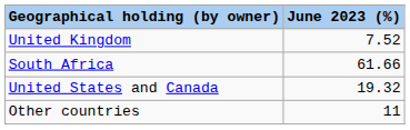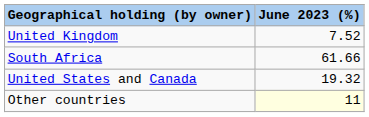 <table class="wikitable">
 <tr>
 <th style="background:#ABCDEF">Geographical holding (by owner)</th>
 <th style="background:#ABCDEF">June 2023 (%)</th>
 </tr>
 <tr>
 <td><a href='#'>United Kingdom</a></td>
 <td style="text-align:right;">7.52</td>
 </tr>
 <tr>
 <td><a href='#'>South Africa</a></td>
 <td style="text-align:right;">61.66</td>
 </tr>
 <tr>
 <td><a href='#'>United States</a> and <a href='#'>Canada</a></td>
 <td style="text-align:right;">19.32</td>
 </tr>
 <tr>
 <td>Other countries</td>
-<td style="text-align:right;">11</td>
+<td style="background: lightyellow; text-align:right;">11</td>
 </tr>
 </table>
